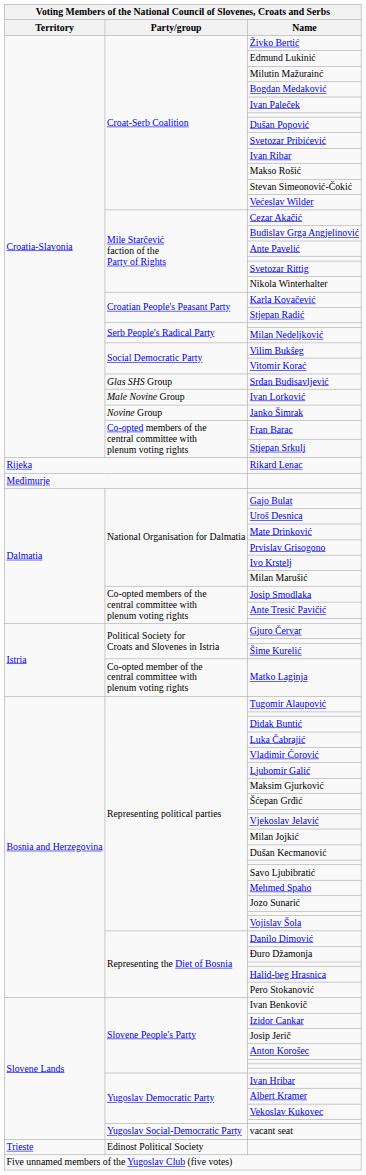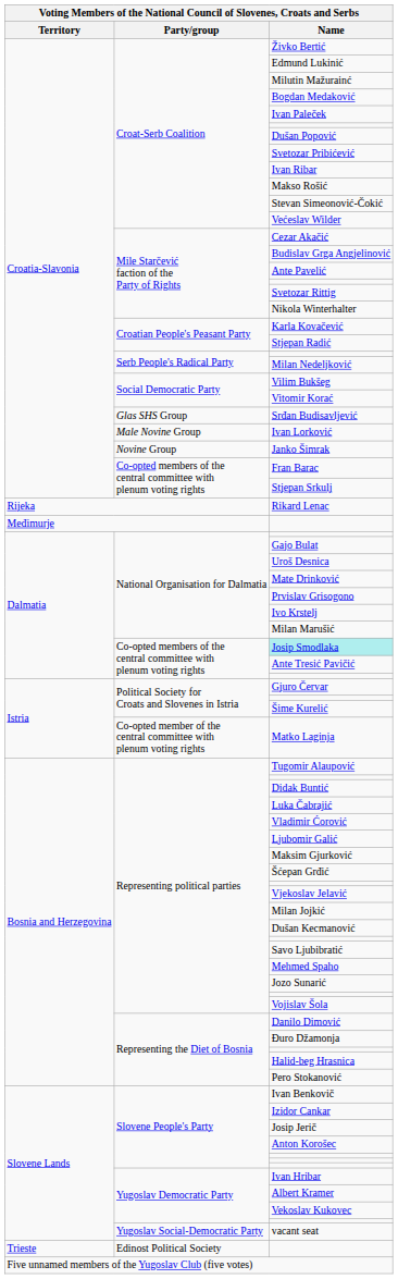 <table class="wikitable collapsible">
 <tr>
 <th colspan="3">Voting Members of the National Council of Slovenes, Croats and Serbs</th>
 </tr>
 <tr>
 <th>Territory</th>
 <th>Party/group</th>
 <th>Name</th>
 </tr>
 <tr>
 <td rowspan="29"><a href='#'>Croatia-Slavonia</a></td>
 <td rowspan="12"><a href='#'>Croat-Serb Coalition</a></td>
 <td><a href='#'>Živko Bertić</a></td>
 </tr>
 <tr>
 <td>Edmund Lukinić</td>
 </tr>
 <tr>
 <td>Milutin Mažurainć</td>
 </tr>
 <tr>
 <td><a href='#'>Bogdan Medaković</a></td>
 </tr>
 <tr>
 <td><a href='#'>Ivan Paleček</a></td>
 </tr>
 <tr>
 <td></td>
 </tr>
 <tr>
 <td><a href='#'>Dušan Popović</a></td>
 </tr>
 <tr>
 <td><a href='#'>Svetozar Pribićević</a></td>
 </tr>
 <tr>
 <td><a href='#'>Ivan Ribar</a></td>
 </tr>
 <tr>
 <td>Makso Rošić</td>
 </tr>
 <tr>
 <td>Stevan Simeonović-Čokić</td>
 </tr>
 <tr>
 <td><a href='#'>Većeslav Wilder</a></td>
 </tr>
 <tr>
 <td rowspan="6"><a href='#'>Mile Starčević</a><br>faction of the<br><a href='#'>Party of Rights</a></td>
 <td><a href='#'>Cezar Akačić</a></td>
 </tr>
 <tr>
 <td><a href='#'>Budislav Grga Angjelinović</a></td>
 </tr>
 <tr>
 <td><a href='#'>Ante Pavelić</a></td>
 </tr>
 <tr>
 <td></td>
 </tr>
 <tr>
 <td><a href='#'>Svetozar Rittig</a></td>
 </tr>
 <tr>
 <td>Nikola Winterhalter</td>
 </tr>
 <tr>
 <td rowspan="2"><a href='#'>Croatian People's Peasant Party</a></td>
 <td><a href='#'>Karla Kovačević</a></td>
 </tr>
 <tr>
 <td><a href='#'>Stjepan Radić</a></td>
 </tr>
 <tr>
 <td rowspan="2"><a href='#'>Serb People's Radical Party</a></td>
 <td></td>
 </tr>
 <tr>
 <td><a href='#'>Milan Nedeljković</a></td>
 </tr>
 <tr>
 <td rowspan="2"><a href='#'>Social Democratic Party</a></td>
 <td><a href='#'>Vilim Bukšeg</a></td>
 </tr>
 <tr>
 <td><a href='#'>Vitomir Korać</a></td>
 </tr>
 <tr>
 <td><em>Glas SHS</em> Group</td>
 <td><a href='#'>Srđan Budisavljević</a></td>
 </tr>
 <tr>
 <td><em>Male Novine</em> Group</td>
 <td><a href='#'>Ivan Lorković</a></td>
 </tr>
 <tr>
 <td><em>Novine</em> Group</td>
 <td><a href='#'>Janko Šimrak</a></td>
 </tr>
 <tr>
 <td rowspan="2"><a href='#'>Co-opted</a> members of the<br>central committee with<br>plenum voting rights</td>
 <td><a href='#'>Fran Barac</a></td>
 </tr>
 <tr>
 <td><a href='#'>Stjepan Srkulj</a></td>
 </tr>
 <tr>
 <td colspan="2"><a href='#'>Rijeka</a></td>
 <td><a href='#'>Rikard Lenac</a></td>
 </tr>
 <tr>
 <td colspan="2"><a href='#'>Međimurje</a></td>
 <td></td>
 </tr>
 <tr>
 <td rowspan="10"><a href='#'>Dalmatia</a></td>
 <td rowspan="7">National Organisation for Dalmatia</td>
 <td></td>
 </tr>
 <tr>
 <td><a href='#'>Gajo Bulat</a></td>
 </tr>
 <tr>
 <td><a href='#'>Uroš Desnica</a></td>
 </tr>
 <tr>
 <td><a href='#'>Mate Drinković</a></td>
 </tr>
 <tr>
 <td><a href='#'>Prvislav Grisogono</a></td>
 </tr>
 <tr>
 <td><a href='#'>Ivo Krstelj</a></td>
 </tr>
 <tr>
 <td>Milan Marušić</td>
 </tr>
 <tr>
 <td rowspan="3">Co-opted members of the<br>central committee with<br>plenum voting rights</td>
-<td><a href='#'>Josip Smodlaka</a></td>
+<td style="background: paleturquoise;"><a href='#'>Josip Smodlaka</a></td>
 </tr>
 <tr>
 <td><a href='#'>Ante Tresić Pavičić</a></td>
 </tr>
 <tr>
 <td></td>
 </tr>
 <tr>
 <td rowspan="4"><a href='#'>Istria</a></td>
 <td rowspan="3">Political Society for<br>Croats and Slovenes in Istria</td>
 <td><a href='#'>Gjuro Červar</a></td>
 </tr>
 <tr>
 <td></td>
 </tr>
 <tr>
 <td><a href='#'>Šime Kurelić</a></td>
 </tr>
 <tr>
 <td>Co-opted member of the<br>central committee with<br>plenum voting rights</td>
 <td><a href='#'>Matko Laginja</a></td>
 </tr>
 <tr>
 <td rowspan="23"><a href='#'>Bosnia and Herzegovina</a></td>
 <td rowspan="18">Representing political parties</td>
 <td><a href='#'>Tugomir Alaupović</a></td>
 </tr>
 <tr>
 <td></td>
 </tr>
 <tr>
 <td><a href='#'>Didak Buntić</a></td>
 </tr>
 <tr>
 <td><a href='#'>Luka Čabrajić</a></td>
 </tr>
 <tr>
 <td><a href='#'>Vladimir Ćorović</a></td>
 </tr>
 <tr>
 <td><a href='#'>Ljubomir Galić</a></td>
 </tr>
 <tr>
 <td>Maksim Gjurković</td>
 </tr>
 <tr>
 <td>Šćepan Grđić</td>
 </tr>
 <tr>
 <td></td>
 </tr>
 <tr>
 <td><a href='#'>Vjekoslav Jelavić</a></td>
 </tr>
 <tr>
 <td>Milan Jojkić</td>
 </tr>
 <tr>
 <td>Dušan Kecmanović</td>
 </tr>
 <tr>
 <td></td>
 </tr>
 <tr>
 <td>Savo Ljubibratić</td>
 </tr>
 <tr>
 <td><a href='#'>Mehmed Spaho</a></td>
 </tr>
 <tr>
 <td>Jozo Sunarić</td>
 </tr>
 <tr>
 <td></td>
 </tr>
 <tr>
 <td><a href='#'>Vojislav Šola</a></td>
 </tr>
 <tr>
 <td rowspan="5">Representing the <a href='#'>Diet of Bosnia</a></td>
 <td><a href='#'>Danilo Dimović</a></td>
 </tr>
 <tr>
 <td>Đuro Džamonja</td>
 </tr>
 <tr>
 <td></td>
 </tr>
 <tr>
 <td><a href='#'>Halid-beg Hrasnica</a></td>
 </tr>
 <tr>
 <td>Pero Stokanović</td>
 </tr>
 <tr>
 <td rowspan="12"><a href='#'>Slovene Lands</a></td>
 <td rowspan="7"><a href='#'>Slovene People's Party</a></td>
 <td>Ivan Benkovič</td>
 </tr>
 <tr>
 <td><a href='#'>Izidor Cankar</a></td>
 </tr>
 <tr>
 <td>Josip Jerič</td>
 </tr>
 <tr>
 <td><a href='#'>Anton Korošec</a></td>
 </tr>
 <tr>
 <td></td>
 </tr>
 <tr>
 <td></td>
 </tr>
 <tr>
 <td></td>
 </tr>
 <tr>
 <td rowspan="4"><a href='#'>Yugoslav Democratic Party</a></td>
 <td><a href='#'>Ivan Hribar</a></td>
 </tr>
 <tr>
 <td><a href='#'>Albert Kramer</a></td>
 </tr>
 <tr>
 <td><a href='#'>Vekoslav Kukovec</a></td>
 </tr>
 <tr>
 <td></td>
 </tr>
 <tr>
 <td><a href='#'>Yugoslav Social-Democratic Party</a></td>
 <td>vacant seat</td>
 </tr>
 <tr>
 <td><a href='#'>Trieste</a></td>
 <td>Edinost Political Society</td>
 <td></td>
 </tr>
 <tr>
 <td colspan="3">Five unnamed members of the <a href='#'>Yugoslav Club</a> (five votes)</td>
 </tr>
 </table>
